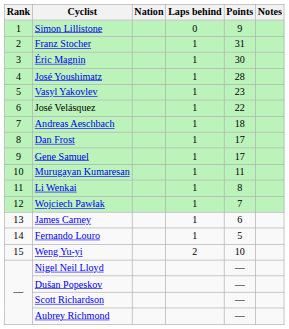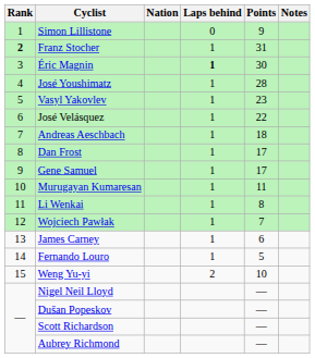 <table class="wikitable sortable" style="text-align:center">
 <tr>
 <th>Rank</th>
 <th>Cyclist</th>
 <th>Nation</th>
 <th>Laps behind</th>
 <th>Points</th>
 <th>Notes</th>
 </tr>
 <tr bgcolor=bbf3bb>
 <td>1</td>
 <td align=left><a href='#'>Simon Lillistone</a></td>
 <td align=left></td>
 <td>0</td>
 <td>9</td>
 <td></td>
 </tr>
 <tr bgcolor=bbf3bb>
-<td>2</td>
+<td><strong>2</strong></td>
 <td align=left><a href='#'>Franz Stocher</a></td>
 <td align=left></td>
 <td>1</td>
 <td>31</td>
 <td></td>
 </tr>
 <tr bgcolor=bbf3bb>
 <td>3</td>
 <td align=left><a href='#'>Éric Magnin</a></td>
 <td align=left></td>
-<td>1</td>
+<td><strong>1</strong></td>
 <td>30</td>
 <td></td>
 </tr>
 <tr bgcolor=bbf3bb>
 <td>4</td>
 <td align=left><a href='#'>José Youshimatz</a></td>
 <td align=left></td>
 <td>1</td>
 <td>28</td>
 <td></td>
 </tr>
 <tr bgcolor=bbf3bb>
 <td>5</td>
 <td align=left><a href='#'>Vasyl Yakovlev</a></td>
 <td align=left></td>
 <td>1</td>
 <td>23</td>
 <td></td>
 </tr>
 <tr bgcolor=bbf3bb>
 <td>6</td>
 <td align=left>José Velásquez</td>
 <td align=left></td>
 <td>1</td>
 <td>22</td>
 <td></td>
 </tr>
 <tr bgcolor=bbf3bb>
 <td>7</td>
 <td align=left><a href='#'>Andreas Aeschbach</a></td>
 <td align=left></td>
 <td>1</td>
 <td>18</td>
 <td></td>
 </tr>
 <tr bgcolor=bbf3bb>
 <td>8</td>
 <td align=left><a href='#'>Dan Frost</a></td>
 <td align=left></td>
 <td>1</td>
 <td>17</td>
 <td></td>
 </tr>
 <tr bgcolor=bbf3bb>
 <td>9</td>
 <td align=left><a href='#'>Gene Samuel</a></td>
 <td align=left></td>
 <td>1</td>
 <td>17</td>
 <td></td>
 </tr>
 <tr bgcolor=bbf3bb>
 <td>10</td>
 <td align=left><a href='#'>Murugayan Kumaresan</a></td>
 <td align=left></td>
 <td>1</td>
 <td>11</td>
 <td></td>
 </tr>
 <tr bgcolor=bbf3bb>
 <td>11</td>
 <td align=left><a href='#'>Li Wenkai</a></td>
 <td align=left></td>
 <td>1</td>
 <td>8</td>
 <td></td>
 </tr>
 <tr bgcolor=bbf3bb>
 <td>12</td>
 <td align=left><a href='#'>Wojciech Pawłak</a></td>
 <td align=left></td>
 <td>1</td>
 <td>7</td>
 <td></td>
 </tr>
 <tr>
 <td>13</td>
 <td align=left><a href='#'>James Carney</a></td>
 <td align=left></td>
 <td>1</td>
 <td>6</td>
 <td></td>
 </tr>
 <tr>
 <td>14</td>
 <td align=left><a href='#'>Fernando Louro</a></td>
 <td align=left></td>
 <td>1</td>
 <td>5</td>
 <td></td>
 </tr>
 <tr>
 <td>15</td>
 <td align=left><a href='#'>Weng Yu-yi</a></td>
 <td align=left></td>
 <td>2</td>
 <td>10</td>
 <td></td>
 </tr>
 <tr>
 <td rowspan=4 data-sort-value=16>—</td>
 <td align=left><a href='#'>Nigel Neil Lloyd</a></td>
 <td align=left></td>
 <td data-sort-value=9></td>
 <td data-sort-value=0>—</td>
 <td></td>
 </tr>
 <tr>
 <td align=left><a href='#'>Dušan Popeskov</a></td>
 <td align=left></td>
 <td data-sort-value=9></td>
 <td data-sort-value=0>—</td>
 <td></td>
 </tr>
 <tr>
 <td align=left><a href='#'>Scott Richardson</a></td>
 <td align=left></td>
 <td data-sort-value=9></td>
 <td data-sort-value=0>—</td>
 <td></td>
 </tr>
 <tr>
 <td align=left><a href='#'>Aubrey Richmond</a></td>
 <td align=left></td>
 <td data-sort-value=9></td>
 <td data-sort-value=0>—</td>
 <td></td>
 </tr>
 </table>
